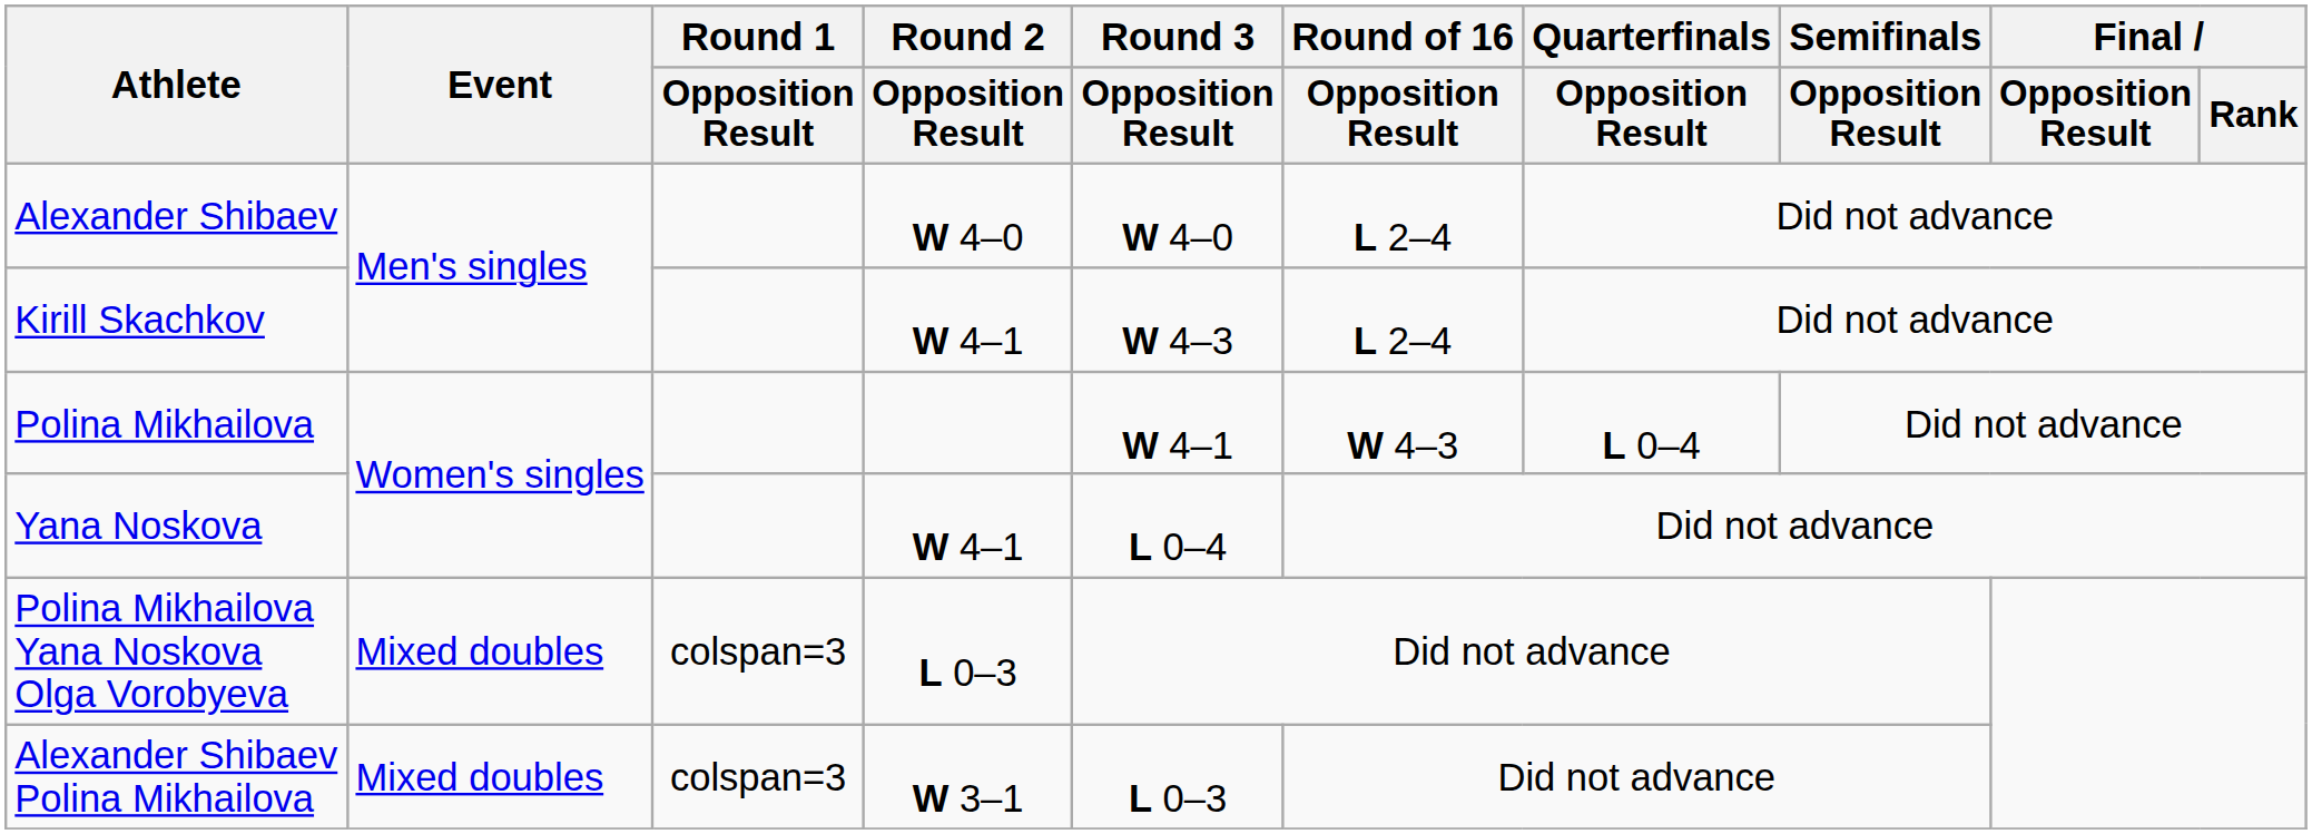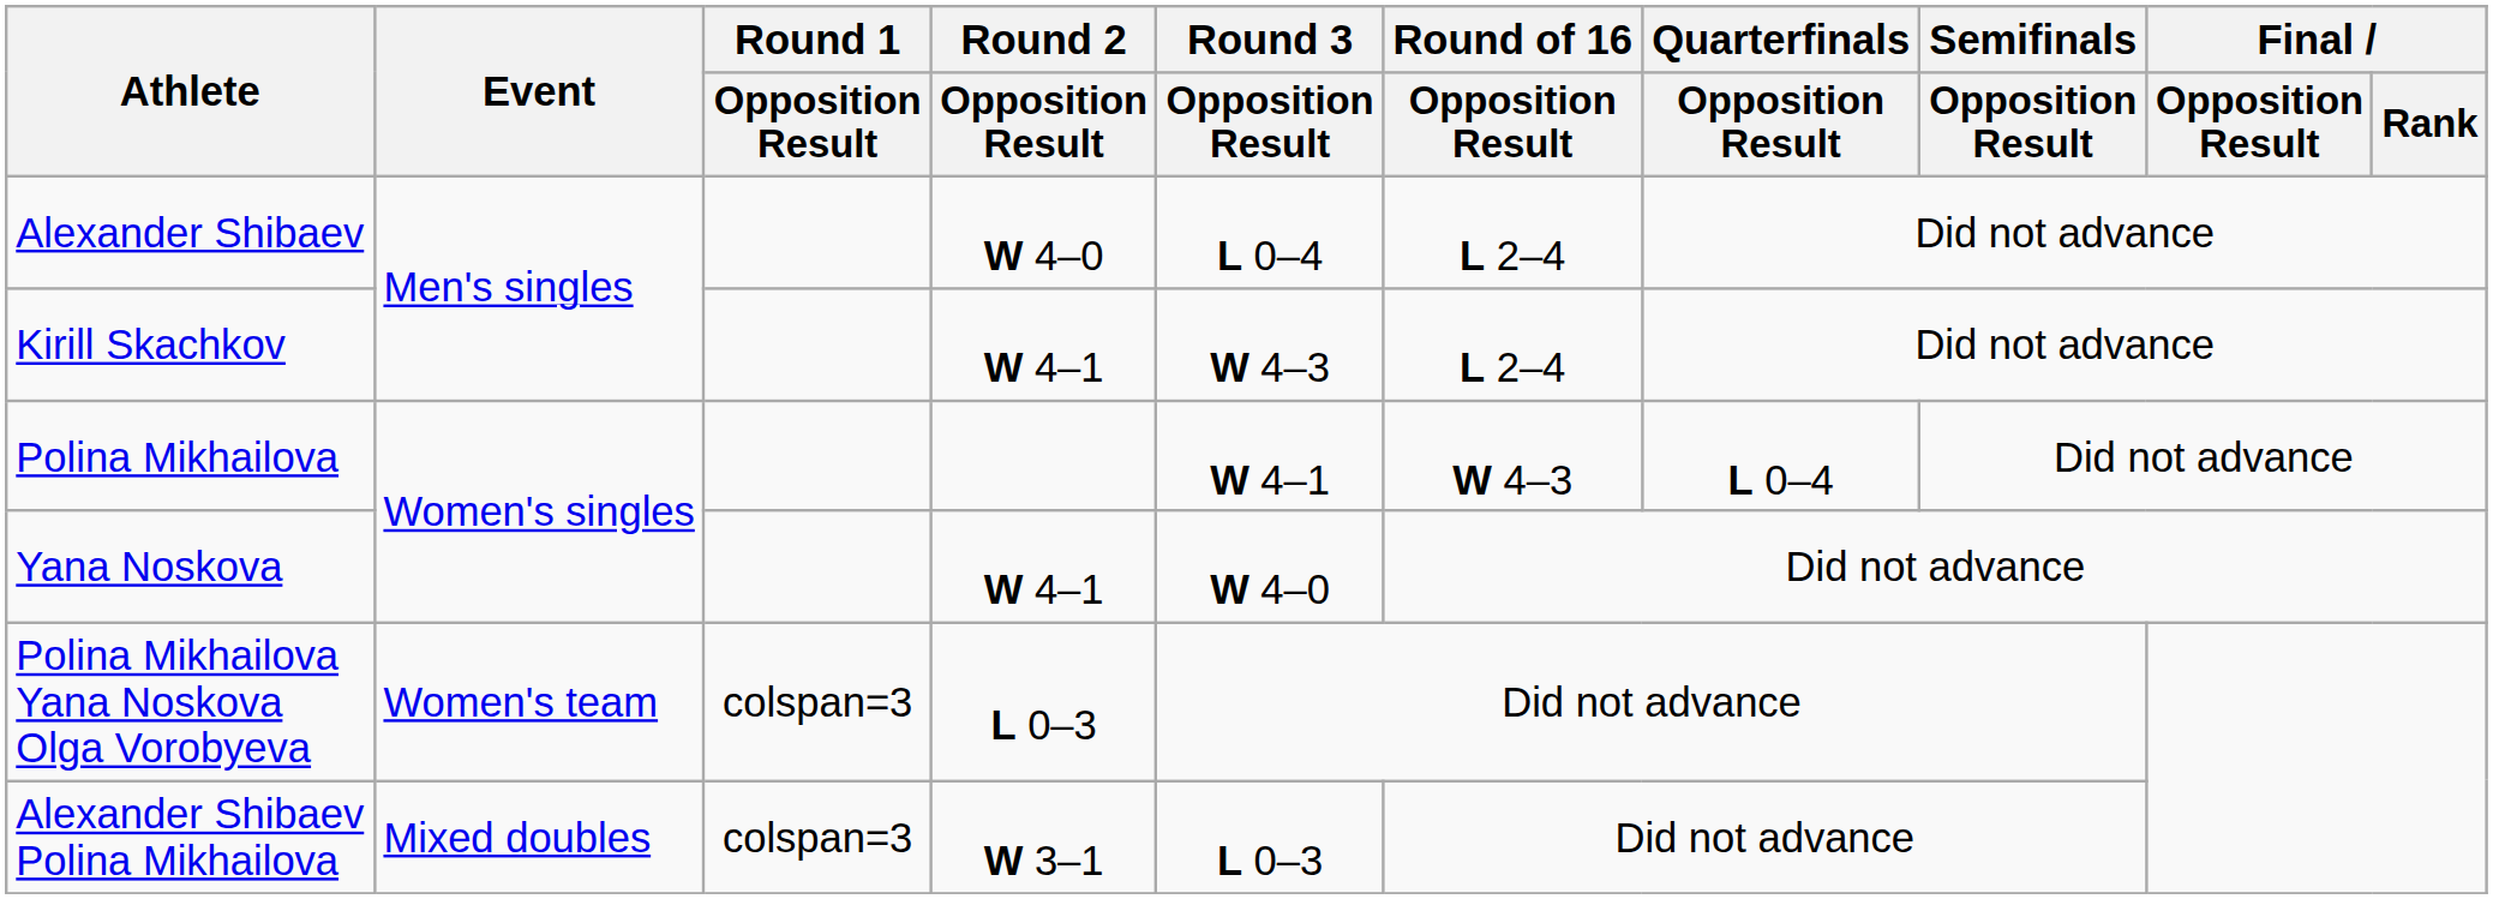 <table class="wikitable" style="text-align:center; font-size:90%">
 <tr>
 <th rowspan=2>Athlete</th>
 <th rowspan=2>Event</th>
 <th>Round 1</th>
 <th>Round 2</th>
 <th>Round 3</th>
 <th>Round of 16</th>
 <th>Quarterfinals</th>
 <th>Semifinals</th>
 <th colspan=2>Final / </th>
 </tr>
 <tr style="font-size:95%">
 <th>Opposition<br>Result</th>
 <th>Opposition<br>Result</th>
 <th>Opposition<br>Result</th>
 <th>Opposition<br>Result</th>
 <th>Opposition<br>Result</th>
 <th>Opposition<br>Result</th>
 <th>Opposition<br>Result</th>
 <th>Rank</th>
 </tr>
 <tr>
 <td align=left><a href='#'>Alexander Shibaev</a></td>
 <td rowspan=2 align=left><a href='#'>Men's singles</a></td>
 <td></td>
 <td><br><strong>W</strong> 4–0</td>
-<td><br><strong>W</strong> 4–0</td>
+<td><br><strong>L</strong> 0–4</td>
 <td><br><strong>L</strong> 2–4</td>
 <td colspan=4>Did not advance</td>
 </tr>
 <tr>
 <td align=left><a href='#'>Kirill Skachkov</a></td>
 <td></td>
 <td><br><strong>W</strong> 4–1</td>
 <td><br><strong>W</strong> 4–3</td>
 <td><br><strong>L</strong> 2–4</td>
 <td colspan=4>Did not advance</td>
 </tr>
 <tr>
 <td align=left><a href='#'>Polina Mikhailova</a></td>
 <td rowspan=2 align=left><a href='#'>Women's singles</a></td>
 <td></td>
 <td></td>
 <td><br><strong>W</strong> 4–1</td>
 <td><br><strong>W</strong> 4–3</td>
 <td><br><strong>L</strong> 0–4</td>
 <td colspan=3>Did not advance</td>
 </tr>
 <tr>
 <td align=left><a href='#'>Yana Noskova</a></td>
 <td></td>
 <td><br><strong>W</strong> 4–1</td>
-<td><br><strong>L</strong> 0–4</td>
+<td><br><strong>W</strong> 4–0</td>
 <td colspan=5>Did not advance</td>
 </tr>
 <tr>
 <td align=left><a href='#'>Polina Mikhailova</a><br><a href='#'>Yana Noskova</a><br><a href='#'>Olga Vorobyeva</a></td>
-<td align=left><a href='#'>Mixed doubles</a></td>
+<td align=left><a href='#'>Women's team</a></td>
 <td>colspan=3 </td>
 <td><br><strong>L</strong> 0–3</td>
 <td colspan=4>Did not advance</td>
 </tr>
 <tr>
 <td align=left><a href='#'>Alexander Shibaev</a><br><a href='#'>Polina Mikhailova</a></td>
 <td align=left><a href='#'>Mixed doubles</a></td>
 <td>colspan=3 </td>
 <td><br><strong>W</strong> 3–1</td>
 <td><br><strong>L</strong> 0–3</td>
 <td colspan=3>Did not advance</td>
 </tr>
 </table>
